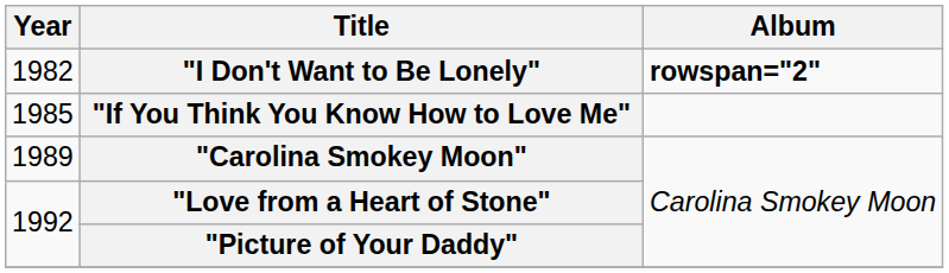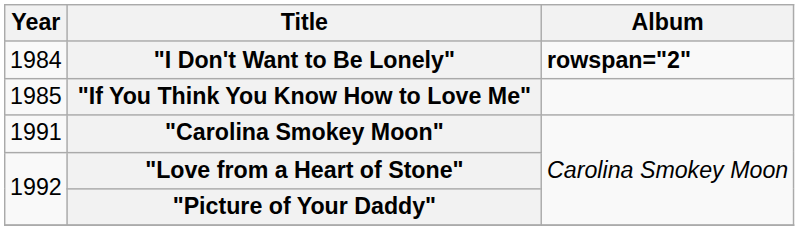 <table class="wikitable plainrowheaders">
 <tr>
 <th scope="col">Year</th>
 <th scope="col" style="width:20em;">Title</th>
 <th scope="col">Album</th>
 </tr>
 <tr>
-<td>1982</td>
+<td>1984</td>
 <th scope="row">"I Don't Want to Be Lonely"</th>
 <td><strong>rowspan="2" </strong></td>
 </tr>
 <tr>
 <td>1985</td>
 <th scope="row">"If You Think You Know How to Love Me"</th>
 </tr>
 <tr>
-<td>1989</td>
+<td>1991</td>
 <th scope="row">"Carolina Smokey Moon"</th>
 <td rowspan="3"><em>Carolina Smokey Moon</em></td>
 </tr>
 <tr>
 <td rowspan="2">1992</td>
 <th scope="row">"Love from a Heart of Stone"</th>
 </tr>
 <tr>
 <th scope="row">"Picture of Your Daddy"</th>
 </tr>
 <tr>
 </tr>
 </table>
